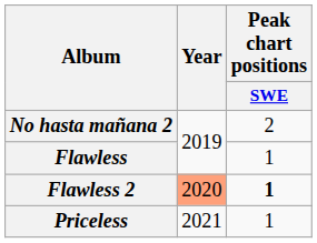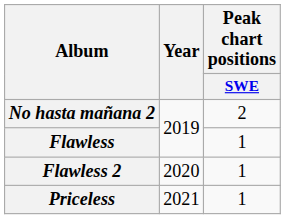 <table class="wikitable plainrowheaders" style="text-align:center;">
 <tr>
 <th scope="col" rowspan="2">Album</th>
 <th scope="col" rowspan="2">Year</th>
 <th scope="col" colspan="1">Peak chart positions</th>
 </tr>
 <tr>
 <th scope="col" style="width:3em;font-size:85%;"><a href='#'>SWE</a><br></th>
 </tr>
 <tr>
 <th scope="row"><em>No hasta mañana 2</em></th>
 <td rowspan=2>2019</td>
 <td>2</td>
 </tr>
 <tr>
 <th scope="row"><em>Flawless</em></th>
 <td>1</td>
 </tr>
 <tr>
 <th scope="row"><em>Flawless 2</em></th>
-<td style="background: lightsalmon;">2020</td>
-<td><strong>1</strong></td>
+<td>2020</td>
+<td>1</td>
 </tr>
 <tr>
 <th scope="row"><em>Priceless</em></th>
 <td>2021</td>
 <td>1</td>
 </tr>
 </table>
